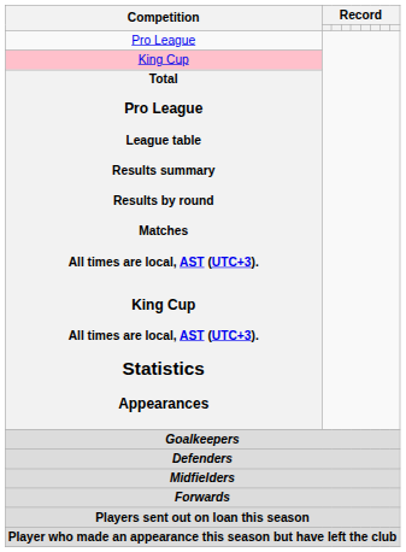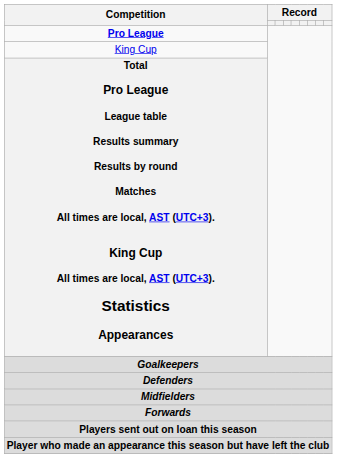 <table class="wikitable" style="text-align: center">
 <tr>
 <th rowspan=2>Competition</th>
 <th colspan=8>Record</th>
 </tr>
 <tr>
 <th></th>
 <th></th>
 <th></th>
 <th></th>
 <th></th>
 <th></th>
 <th></th>
 <th></th>
 </tr>
 <tr>
-<td><a href='#'>Pro League</a><br></td>
+<td><strong><a href='#'>Pro League</a><br></strong></td>
 </tr>
 <tr>
-<td style="background: pink;"><a href='#'>King Cup</a><br></td>
+<td><a href='#'>King Cup</a><br></td>
 </tr>
 <tr>
 <th>Total<br> <h3>Pro League</h3><h4>League table</h4><h4>Results summary</h4> <h4>Results by round</h4><h4>Matches</h4>All times are local, <a href='#'>AST</a> (<a href='#'>UTC+3</a>).<br>   <br>                                 <h3>King Cup</h3> All times are local, <a href='#'>AST</a> (<a href='#'>UTC+3</a>).<br> <h2>Statistics</h2><h3>Appearances</h3></th>
 </tr>
 <tr>
 <th colspan=10 style=background:#dcdcdc; text-align:center><em>Goalkeepers</em><br>  </th>
 </tr>
 <tr>
 <th colspan=10 style=background:#dcdcdc; text-align:center><em>Defenders</em><br>         </th>
 </tr>
 <tr>
 <th colspan=10 style=background:#dcdcdc; text-align:center><em>Midfielders</em><br>           </th>
 </tr>
 <tr>
 <th colspan=10 style=background:#dcdcdc; text-align:center><em>Forwards</em><br> </th>
 </tr>
 <tr>
 <th colspan=16 style=background:#dcdcdc; text-align:center>Players sent out on loan this season<br> </th>
 </tr>
 <tr>
 <th colspan=18 style=background:#dcdcdc; text-align:center>Player who made an appearance this season but have left the club<br>  </th>
 </tr>
 </table>
